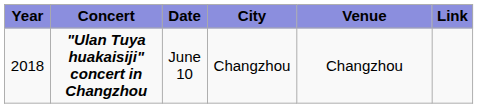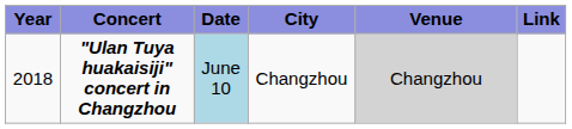 <table class="wikitable sortable mw-collapsible" width="80%" style="text-align:center">
 <tr align="center" style="background:#8B8EDE">
 <td style="width:2%"><strong>Year</strong></td>
 <td style="width:8%"><strong>Concert</strong></td>
 <td style="width:2%"><strong>Date</strong></td>
 <td style="width:2%"><strong>City</strong></td>
 <td style="width:18%"><strong>Venue</strong></td>
 <td style="width:1%"><strong>Link</strong></td>
 </tr>
 <tr>
 <td rowspan="2">2018</td>
 <td rowspan="2"><strong><em>"Ulan Tuya huakaisiji" concert in Changzhou</em></strong></td>
-<td>June 10</td>
+<td style="background: lightblue;">June 10</td>
 <td>Changzhou</td>
-<td>Changzhou</td>
+<td style="background: lightgrey;">Changzhou</td>
 <td></td>
 </tr>
 </table>
